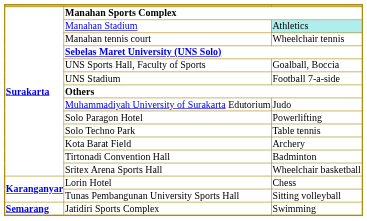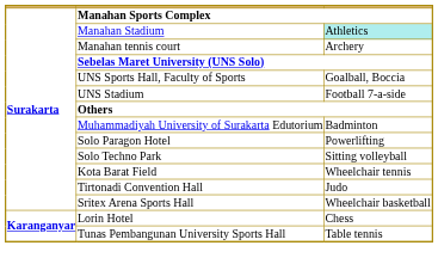 <table border="1" style="border-collapse:collapse; text-align:left; font-size:100%; border:2px solid #AB8C0D;">
 <tr style="text-align:center; font-weight:bold; background:#E2BF89; colour:#AB8C0D;">
 <td></td>
 <td></td>
 <td></td>
 </tr>
 <tr>
 <th rowspan="13"><a href='#'>Surakarta</a></th>
 <td colspan="2"><strong>Manahan Sports Complex</strong></td>
 </tr>
 <tr>
 <td><a href='#'>Manahan Stadium</a></td>
 <td style="background: paleturquoise;">Athletics</td>
 </tr>
 <tr>
 <td>Manahan tennis court</td>
-<td>Wheelchair tennis</td>
+<td>Archery</td>
 </tr>
 <tr>
 <th colspan="2"><a href='#'>Sebelas Maret University (UNS Solo)</a></th>
 </tr>
 <tr>
 <td>UNS Sports Hall, Faculty of Sports</td>
 <td>Goalball, Boccia</td>
 </tr>
 <tr>
 <td>UNS Stadium</td>
 <td>Football 7-a-side</td>
 </tr>
 <tr>
 <th colspan="2">Others</th>
 </tr>
 <tr>
 <td><a href='#'>Muhammadiyah University of Surakarta</a> Edutorium</td>
-<td>Judo</td>
+<td>Badminton</td>
 </tr>
 <tr>
 <td>Solo Paragon Hotel</td>
 <td>Powerlifting</td>
 </tr>
 <tr>
 <td>Solo Techno Park</td>
-<td>Table tennis</td>
+<td>Sitting volleyball</td>
 </tr>
 <tr>
 <td>Kota Barat Field</td>
-<td>Archery</td>
+<td>Wheelchair tennis</td>
 </tr>
 <tr>
 <td>Tirtonadi Convention Hall</td>
-<td>Badminton</td>
+<td>Judo</td>
 </tr>
 <tr>
 <td>Sritex Arena Sports Hall</td>
 <td>Wheelchair basketball</td>
 </tr>
 <tr>
 <td rowspan="2"><strong><a href='#'>Karanganyar</a></strong></td>
 <td>Lorin Hotel</td>
 <td>Chess</td>
 </tr>
 <tr>
 <td>Tunas Pembangunan University Sports Hall</td>
-<td>Sitting volleyball</td>
-</tr>
-<tr>
-<td><strong><a href='#'>Semarang</a></strong></td>
-<td>Jatidiri Sports Complex</td>
-<td>Swimming</td>
+<td>Table tennis</td>
 </tr>
 <tr>
 </tr>
 </table>
